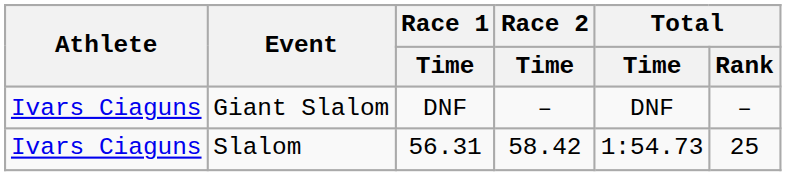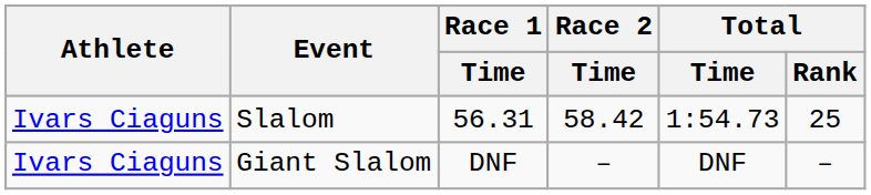 <table class="wikitable" style="font-size:90%">
 <tr>
 <th rowspan="2">Athlete</th>
 <th rowspan="2">Event</th>
 <th>Race 1</th>
 <th>Race 2</th>
 <th colspan="2">Total</th>
 </tr>
 <tr>
 <th>Time</th>
 <th>Time</th>
 <th>Time</th>
 <th>Rank</th>
 </tr>
 <tr>
 <td><a href='#'>Ivars Ciaguns</a></td>
+<td>Slalom</td>
+<td align="center">56.31</td>
+<td align="center">58.42</td>
+<td align="center">1:54.73</td>
+<td align="center">25</td>
+</tr>
+<tr>
+<td><a href='#'>Ivars Ciaguns</a></td>
 <td>Giant Slalom</td>
 <td align="center">DNF</td>
 <td align="center">–</td>
 <td align="center">DNF</td>
 <td align="center">–</td>
 </tr>
-<tr>
-<td><a href='#'>Ivars Ciaguns</a></td>
-<td>Slalom</td>
-<td align="center">56.31</td>
-<td align="center">58.42</td>
-<td align="center">1:54.73</td>
-<td align="center">25</td>
-</tr>
 </table>
